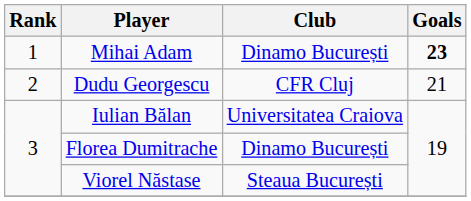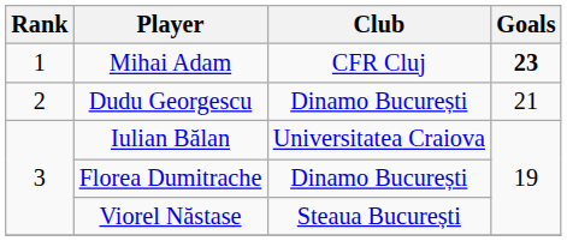 <table class="wikitable sortable" style="text-align:center">
 <tr>
 <th>Rank</th>
 <th>Player</th>
 <th>Club</th>
 <th>Goals</th>
 </tr>
 <tr>
 <td rowspan=1 align=center>1</td>
 <td><a href='#'>Mihai Adam</a></td>
-<td><a href='#'>Dinamo București</a></td>
+<td><a href='#'>CFR Cluj</a></td>
 <td rowspan=1 align=center><strong>23</strong></td>
 </tr>
 <tr>
 <td rowspan=1 align=center>2</td>
 <td><a href='#'>Dudu Georgescu</a></td>
-<td><a href='#'>CFR Cluj</a></td>
+<td><a href='#'>Dinamo București</a></td>
 <td rowspan=1 align=center>21</td>
 </tr>
 <tr>
 <td rowspan=3 align=center>3</td>
 <td><a href='#'>Iulian Bălan</a></td>
 <td><a href='#'>Universitatea Craiova</a></td>
 <td rowspan=3 align=center>19</td>
 </tr>
 <tr>
 <td><a href='#'>Florea Dumitrache</a></td>
 <td><a href='#'>Dinamo București</a></td>
 </tr>
 <tr>
 <td><a href='#'>Viorel Năstase</a></td>
 <td><a href='#'>Steaua București</a></td>
 </tr>
 <tr>
 </tr>
 </table>
